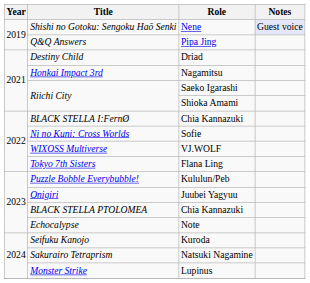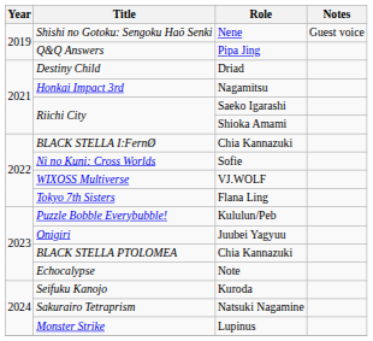 <table class="wikitable sortable">
 <tr>
 <th>Year</th>
 <th>Title</th>
 <th>Role</th>
 <th class="unsortable">Notes</th>
 </tr>
 <tr>
 <td rowspan="2">2019</td>
 <td><em>Shishi no Gotoku: Sengoku Haō Senki</em></td>
 <td><a href='#'>Nene</a></td>
-<td style="background: lavender;">Guest voice</td>
+<td>Guest voice</td>
 </tr>
 <tr>
 <td><em>Q&Q Answers</em></td>
 <td><a href='#'>Pipa Jing</a></td>
 <td></td>
 </tr>
 <tr>
 <td rowspan="4">2021</td>
 <td><em>Destiny Child</em></td>
 <td>Driad</td>
 <td></td>
 </tr>
 <tr>
 <td><em><a href='#'>Honkai Impact 3rd</a></em></td>
 <td>Nagamitsu</td>
 <td></td>
 </tr>
 <tr>
 <td rowspan="2"><em>Riichi City</em></td>
 <td>Saeko Igarashi</td>
 <td></td>
 </tr>
 <tr>
 <td>Shioka Amami</td>
 <td></td>
 </tr>
 <tr>
 <td rowspan="4">2022</td>
 <td><em>BLACK STELLA I:FernØ</em></td>
 <td>Chia Kannazuki</td>
 <td></td>
 </tr>
 <tr>
 <td><em><a href='#'>Ni no Kuni: Cross Worlds</a></em></td>
 <td>Sofie</td>
 <td></td>
 </tr>
 <tr>
 <td><em><a href='#'>WIXOSS Multiverse</a></em></td>
 <td>VJ.WOLF</td>
 <td></td>
 </tr>
 <tr>
 <td><em><a href='#'>Tokyo 7th Sisters</a></em></td>
 <td>Flana Ling</td>
 <td></td>
 </tr>
 <tr>
 <td rowspan="4">2023</td>
 <td><em><a href='#'>Puzzle Bobble Everybubble!</a></em></td>
 <td>Kululun/Peb</td>
 <td></td>
 </tr>
 <tr>
 <td><em><a href='#'>Onigiri</a></em></td>
 <td>Juubei Yagyuu</td>
 <td></td>
 </tr>
 <tr>
 <td><em>BLACK STELLA PTOLOMEA</em></td>
 <td>Chia Kannazuki</td>
 <td></td>
 </tr>
 <tr>
 <td><em>Echocalypse</em></td>
 <td>Note</td>
 <td></td>
 </tr>
 <tr>
 <td rowspan="3">2024</td>
 <td><em>Seifuku Kanojo</em></td>
 <td>Kuroda</td>
 <td></td>
 </tr>
 <tr>
 <td><em>Sakurairo Tetraprism</em></td>
 <td>Natsuki Nagamine</td>
 <td></td>
 </tr>
 <tr>
 <td><em><a href='#'>Monster Strike</a></em></td>
 <td>Lupinus</td>
 <td></td>
 </tr>
 <tr>
 </tr>
 </table>
